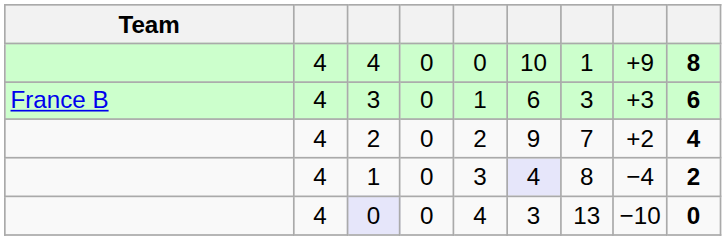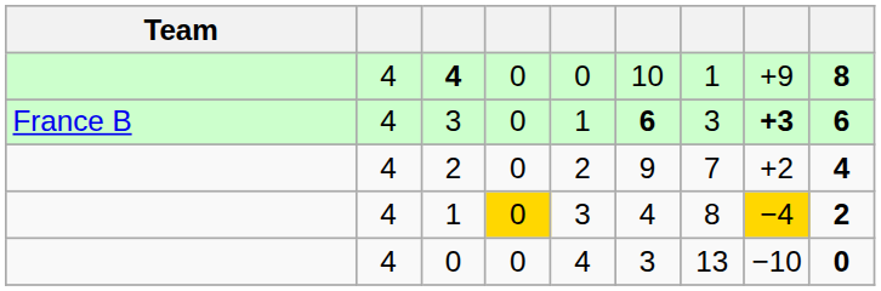 <table class="wikitable" style="text-align: center; font-size: 90%;">
 <tr>
 <th width=165>Team</th>
 <th width=25></th>
 <th width=25></th>
 <th width=25></th>
 <th width=25></th>
 <th width=25></th>
 <th width=25></th>
 <th width=25></th>
 <th width=25></th>
 </tr>
 <tr style="background:#cfc;">
 <td align="left"></td>
 <td>4</td>
-<td>4</td>
+<td><strong>4</strong></td>
 <td>0</td>
 <td>0</td>
 <td>10</td>
 <td>1</td>
 <td>+9</td>
 <td><strong>8</strong></td>
 </tr>
 <tr style="background:#cfc;">
 <td align="left"> <a href='#'>France B</a></td>
 <td>4</td>
 <td>3</td>
 <td>0</td>
 <td>1</td>
-<td>6</td>
+<td><strong>6</strong></td>
 <td>3</td>
-<td>+3</td>
+<td><strong>+3</strong></td>
 <td><strong>6</strong></td>
 </tr>
 <tr>
 <td align="left"></td>
 <td>4</td>
 <td>2</td>
 <td>0</td>
 <td>2</td>
 <td>9</td>
 <td>7</td>
 <td>+2</td>
 <td><strong>4</strong></td>
 </tr>
 <tr>
 <td align="left"></td>
 <td>4</td>
 <td>1</td>
-<td>0</td>
+<td style="background: gold;">0</td>
 <td>3</td>
-<td style="background: lavender;">4</td>
+<td>4</td>
 <td>8</td>
-<td>−4</td>
+<td style="background: gold;">−4</td>
 <td><strong>2</strong></td>
 </tr>
 <tr>
 <td align="left"></td>
 <td>4</td>
-<td style="background: lavender;">0</td>
+<td>0</td>
 <td>0</td>
 <td>4</td>
 <td>3</td>
 <td>13</td>
 <td>−10</td>
 <td><strong>0</strong></td>
 </tr>
 </table>
